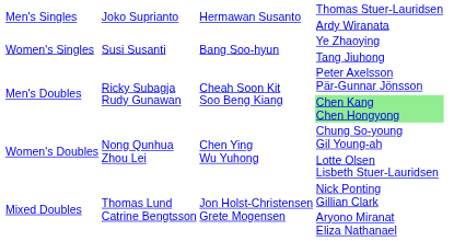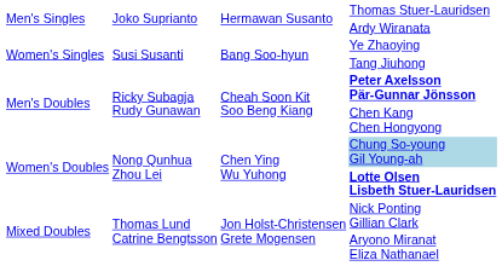 <table>
 <tr>
 <td rowspan=2><a href='#'>Men's Singles</a></td>
 <td rowspan=2> <a href='#'>Joko Suprianto</a></td>
 <td rowspan=2> <a href='#'>Hermawan Susanto</a></td>
 <td> <a href='#'>Thomas Stuer-Lauridsen</a></td>
 </tr>
 <tr>
 <td> <a href='#'>Ardy Wiranata</a></td>
 </tr>
 <tr>
 <td rowspan=2><a href='#'>Women's Singles</a></td>
 <td rowspan=2> <a href='#'>Susi Susanti</a></td>
 <td rowspan=2> <a href='#'>Bang Soo-hyun</a></td>
 <td> <a href='#'>Ye Zhaoying</a></td>
 </tr>
 <tr>
 <td> <a href='#'>Tang Jiuhong</a></td>
 </tr>
 <tr>
 <td rowspan=2><a href='#'>Men's Doubles</a></td>
 <td rowspan=2> <a href='#'>Ricky Subagja</a><br> <a href='#'>Rudy Gunawan</a></td>
 <td rowspan=2> <a href='#'>Cheah Soon Kit</a><br> <a href='#'>Soo Beng Kiang</a></td>
-<td> <a href='#'>Peter Axelsson</a><br> <a href='#'>Pär-Gunnar Jönsson</a></td>
+<td><strong> <a href='#'>Peter Axelsson</a><br> <a href='#'>Pär-Gunnar Jönsson</a></strong></td>
 </tr>
 <tr>
-<td style="background: lightgreen;"> <a href='#'>Chen Kang</a><br> <a href='#'>Chen Hongyong</a></td>
+<td> <a href='#'>Chen Kang</a><br> <a href='#'>Chen Hongyong</a></td>
 </tr>
 <tr>
 <td rowspan=2><a href='#'>Women's Doubles</a></td>
 <td rowspan=2> <a href='#'>Nong Qunhua</a><br> <a href='#'>Zhou Lei</a></td>
 <td rowspan=2> <a href='#'>Chen Ying</a><br> <a href='#'>Wu Yuhong</a></td>
-<td> <a href='#'>Chung So-young</a><br> <a href='#'>Gil Young-ah</a></td>
+<td style="background: lightblue;"> <a href='#'>Chung So-young</a><br> <a href='#'>Gil Young-ah</a></td>
 </tr>
 <tr>
-<td> <a href='#'>Lotte Olsen</a><br>  <a href='#'>Lisbeth Stuer-Lauridsen</a></td>
+<td><strong> <a href='#'>Lotte Olsen</a><br>  <a href='#'>Lisbeth Stuer-Lauridsen</a></strong></td>
 </tr>
 <tr>
 <td rowspan=2><a href='#'>Mixed Doubles</a></td>
 <td rowspan=2> <a href='#'>Thomas Lund</a> <br>  <a href='#'>Catrine Bengtsson</a></td>
 <td rowspan=2> <a href='#'>Jon Holst-Christensen</a><br>  <a href='#'>Grete Mogensen</a></td>
 <td> <a href='#'>Nick Ponting</a><br> <a href='#'>Gillian Clark</a></td>
 </tr>
 <tr>
 <td> <a href='#'>Aryono Miranat</a><br> <a href='#'>Eliza Nathanael</a></td>
 </tr>
 </table>
